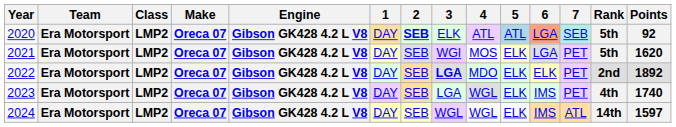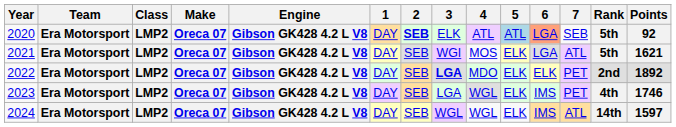 <table class="wikitable" style="text-align:center; font-size:90%">
 <tr>
 <th>Year</th>
 <th>Team</th>
 <th>Class</th>
 <th>Make</th>
 <th>Engine</th>
 <th>1</th>
 <th>2</th>
 <th>3</th>
 <th>4</th>
 <th>5</th>
 <th>6</th>
 <th>7</th>
 <th>Rank</th>
 <th>Points</th>
 </tr>
 <tr>
 <td><a href='#'>2020</a></td>
 <th>Era Motorsport</th>
 <th>LMP2</th>
 <th><a href='#'>Oreca 07</a></th>
 <th><a href='#'>Gibson</a> GK428 4.2 L <a href='#'>V8</a></th>
 <td style="background:#ffdf9f;"><a href='#'>DAY</a><br></td>
 <td style="background:#dfffdf;"><strong><a href='#'>SEB</a><br></strong></td>
 <td style="background:#dfffdf;"><a href='#'>ELK</a><br></td>
 <td style="background:#efcfff;"><a href='#'>ATL</a><br></td>
 <td style="background: lightblue;"><a href='#'>ATL</a></td>
 <td style="background: lightsalmon;"><a href='#'>LGA</a></td>
-<td style="background: paleturquoise;"><a href='#'>SEB</a></td>
+<td><a href='#'>SEB</a></td>
 <th>5th</th>
 <th>92</th>
 </tr>
 <tr>
 <td><a href='#'>2021</a></td>
 <th>Era Motorsport</th>
 <th>LMP2</th>
 <th><a href='#'>Oreca 07</a></th>
 <th><a href='#'>Gibson</a> GK428 4.2 L <a href='#'>V8</a></th>
 <td style="background:#FFFFBF;"><a href='#'>DAY</a><br></td>
 <td style="background:#DFDFDF;"><a href='#'>SEB</a><br></td>
 <td style="background:#EFCFFF;"><a href='#'>WGI</a><br></td>
 <td><a href='#'>MOS</a></td>
 <td style="background:#FFFFBF;"><a href='#'>ELK</a><br></td>
 <td style="background:#DFDFDF;"><a href='#'>LGA</a><br></td>
-<td style="background:#EFCFFF;"><a href='#'>PET</a><br></td>
+<td style="background:#EFCFFF;"><a href='#'>ATL</a><br></td>
 <th>5th</th>
-<th>1620</th>
+<th>1621</th>
 </tr>
 <tr>
 <td><a href='#'>2022</a></td>
 <th>Era Motorsport</th>
 <th>LMP2</th>
 <th><a href='#'>Oreca 07</a></th>
 <th><a href='#'>Gibson</a> GK428 4.2 L <a href='#'>V8</a></th>
 <td style="background:#DFFFDF;"><a href='#'>DAY</a><br></td>
 <td style="background:#FFDF9F;"><a href='#'>SEB</a><br></td>
 <td style="background:#DFDFDF;"><strong><a href='#'>LGA</a><br></strong></td>
 <td style="background:#DFFFDF;"><a href='#'>MDO</a><br></td>
 <td style="background:#dfffdf;"><a href='#'>ELK</a><br></td>
 <td style="background:#FFFFBF;"><a href='#'>ELK</a><br></td>
 <td style="background:#EFCFFF"><a href='#'>PET</a><br></td>
 <th style="background:#DFDFDF;">2nd</th>
 <th style="background:#DFDFDF;">1892</th>
 </tr>
 <tr>
 <td><a href='#'>2023</a></td>
 <th>Era Motorsport</th>
 <th>LMP2</th>
 <th><a href='#'>Oreca 07</a></th>
 <th><a href='#'>Gibson</a> GK428 4.2 L <a href='#'>V8</a></th>
 <td style="background:#EFCFFF;"><a href='#'>DAY</a><br></td>
 <td style="background:#FFDF9F;"><a href='#'>SEB</a><br></td>
 <td style="background:#dfffdf;"><a href='#'>LGA</a><br></td>
 <td style="background:#DFDFDF;"><a href='#'>WGL</a><br></td>
 <td style="background:#dfffdf;"><a href='#'>ELK</a><br></td>
 <td style="background:#dfffdf;"><a href='#'>IMS</a><br></td>
 <td style="background:#EFCFFF;"><a href='#'>PET</a><br></td>
 <th>4th</th>
-<th>1740</th>
+<th>1746</th>
 </tr>
 <tr>
 <td><a href='#'>2024</a></td>
 <th>Era Motorsport</th>
 <th>LMP2</th>
 <th><a href='#'>Oreca 07</a></th>
 <th><a href='#'>Gibson</a> GK428 4.2 L <a href='#'>V8</a></th>
 <td style="background:#FFFFBF;"><a href='#'>DAY</a><br></td>
 <td style="background:#FFFFBF;"><a href='#'>SEB</a><br></td>
 <td style="background:#EFCFFF;"><a href='#'>WGL</a><br></td>
 <td><a href='#'>WGL</a></td>
 <td><a href='#'>ELK</a></td>
 <td style="background:#FFDF9F;"><a href='#'>IMS</a><br></td>
 <td style="background:#FFDF9F;"><a href='#'>ATL</a><br></td>
 <th>14th</th>
 <th>1597</th>
 </tr>
 </table>
